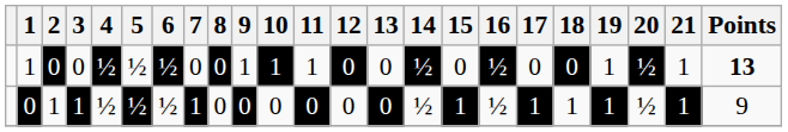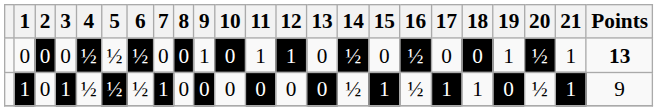 <table class="wikitable" style="text-align:center">
 <tr>
 <th></th>
 <th>1</th>
 <th>2</th>
 <th>3</th>
 <th>4</th>
 <th>5</th>
 <th>6</th>
 <th>7</th>
 <th>8</th>
 <th>9</th>
 <th>10</th>
 <th>11</th>
 <th>12</th>
 <th>13</th>
 <th>14</th>
 <th>15</th>
 <th>16</th>
 <th>17</th>
 <th>18</th>
 <th>19</th>
 <th>20</th>
 <th>21</th>
 <th>Points</th>
 </tr>
 <tr>
 <td align=left></td>
-<td>1</td>
+<td>0</td>
 <td style="background:black; color:white">0</td>
 <td>0</td>
 <td style="background:black; color:white">½</td>
 <td>½</td>
 <td style="background:black; color:white">½</td>
 <td>0</td>
 <td style="background:black; color:white">0</td>
 <td>1</td>
+<td style="background:black; color:white">0</td>
+<td>1</td>
 <td style="background:black; color:white">1</td>
-<td>1</td>
-<td style="background:black; color:white">0</td>
 <td>0</td>
 <td style="background:black; color:white">½</td>
 <td>0</td>
 <td style="background:black; color:white">½</td>
 <td>0</td>
 <td style="background:black; color:white">0</td>
 <td>1</td>
 <td style="background:black; color:white">½</td>
 <td>1</td>
 <td><strong>13</strong></td>
 </tr>
 <tr>
 <td align=left></td>
-<td style="background:black; color:white">0</td>
-<td>1</td>
+<td style="background:black; color:white">1</td>
+<td>0</td>
 <td style="background:black; color:white">1</td>
 <td>½</td>
 <td style="background:black; color:white">½</td>
 <td>½</td>
 <td style="background:black; color:white">1</td>
 <td>0</td>
 <td style="background:black; color:white">0</td>
 <td>0</td>
 <td style="background:black; color:white">0</td>
 <td>0</td>
 <td style="background:black; color:white">0</td>
 <td>½</td>
 <td style="background:black; color:white">1</td>
 <td>½</td>
 <td style="background:black; color:white">1</td>
 <td>1</td>
-<td style="background:black; color:white">1</td>
+<td style="background:black; color:white">0</td>
 <td>½</td>
 <td style="background:black; color:white">1</td>
 <td>9</td>
 </tr>
 <tr>
 </tr>
 </table>
